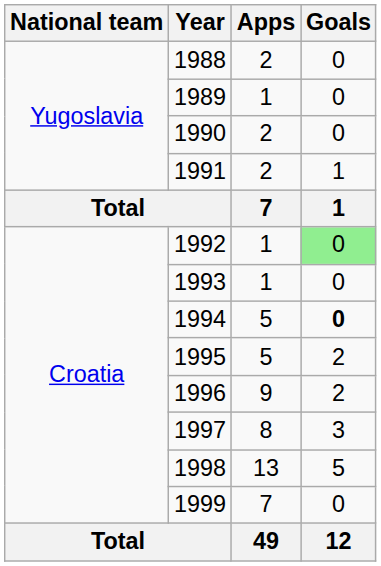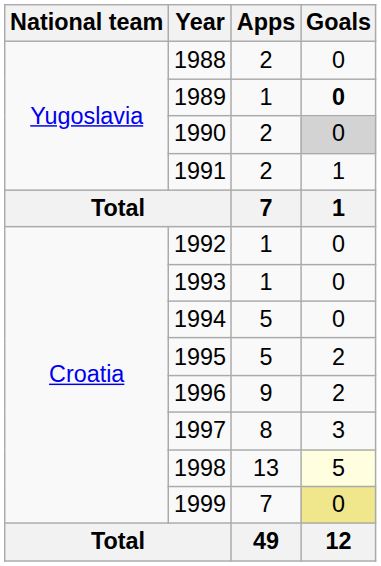 <table class="wikitable" style="text-align:center">
 <tr>
 <th>National team</th>
 <th>Year</th>
 <th>Apps</th>
 <th>Goals</th>
 </tr>
 <tr>
 <td rowspan="4"><a href='#'>Yugoslavia</a></td>
 <td>1988</td>
 <td>2</td>
 <td>0</td>
 </tr>
 <tr>
 <td>1989</td>
 <td>1</td>
-<td>0</td>
+<td><strong>0</strong></td>
 </tr>
 <tr>
 <td>1990</td>
 <td>2</td>
-<td>0</td>
+<td style="background: lightgrey;">0</td>
 </tr>
 <tr>
 <td>1991</td>
 <td>2</td>
 <td>1</td>
 </tr>
 <tr>
 <th colspan="2">Total</th>
 <th>7</th>
 <th>1</th>
 </tr>
 <tr>
 <td rowspan="8"><a href='#'>Croatia</a></td>
 <td>1992</td>
 <td>1</td>
-<td style="background: lightgreen;">0</td>
+<td>0</td>
 </tr>
 <tr>
 <td>1993</td>
 <td>1</td>
 <td>0</td>
 </tr>
 <tr>
 <td>1994</td>
 <td>5</td>
-<td><strong>0</strong></td>
+<td>0</td>
 </tr>
 <tr>
 <td>1995</td>
 <td>5</td>
 <td>2</td>
 </tr>
 <tr>
 <td>1996</td>
 <td>9</td>
 <td>2</td>
 </tr>
 <tr>
 <td>1997</td>
 <td>8</td>
 <td>3</td>
 </tr>
 <tr>
 <td>1998</td>
 <td>13</td>
-<td>5</td>
+<td style="background: lightyellow;">5</td>
 </tr>
 <tr>
 <td>1999</td>
 <td>7</td>
-<td>0</td>
+<td style="background: khaki;">0</td>
 </tr>
 <tr>
 <th colspan="2">Total</th>
 <th>49</th>
 <th>12</th>
 </tr>
 </table>
